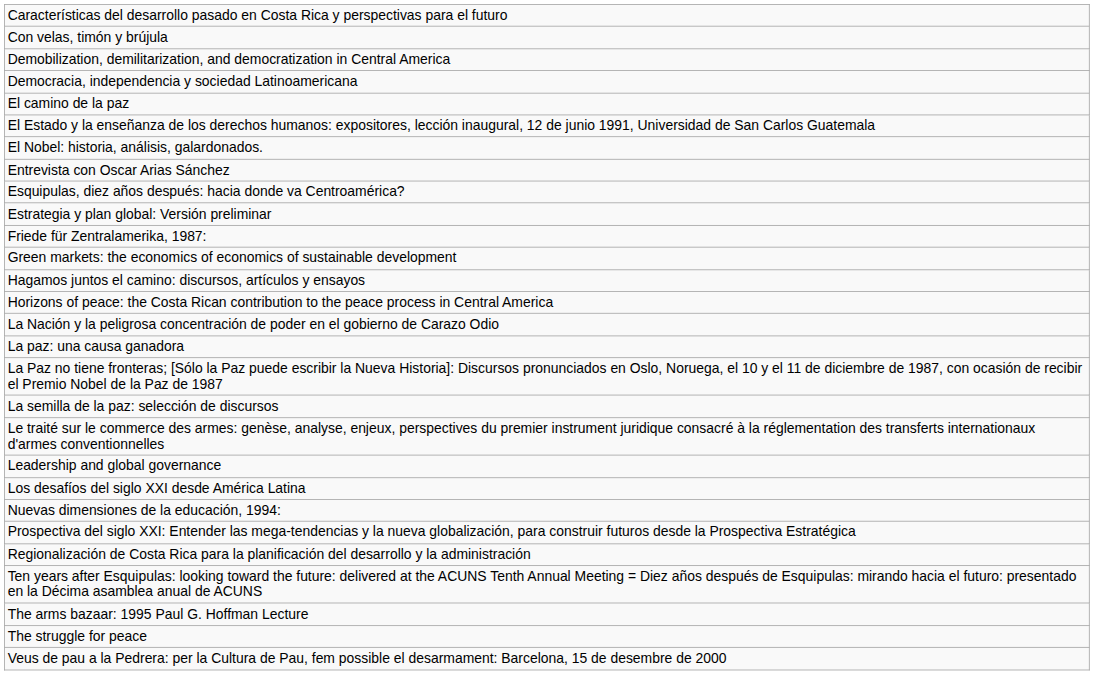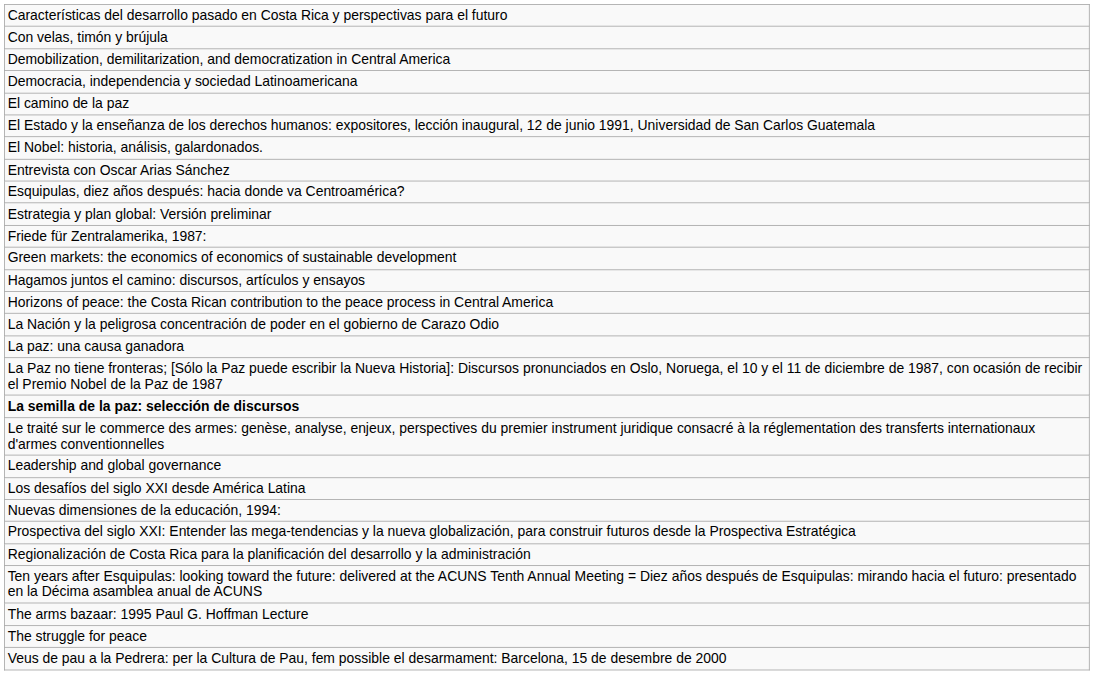 <table class="wikitable">
 <tr>
 <td>Características del desarrollo pasado en Costa Rica y perspectivas para el futuro</td>
 </tr>
 <tr>
 <td>Con velas, timón y brújula</td>
 </tr>
 <tr>
 <td>Demobilization, demilitarization, and democratization in Central America</td>
 </tr>
 <tr>
 <td>Democracia, independencia y sociedad Latinoamericana</td>
 </tr>
 <tr>
 <td>El camino de la paz</td>
 </tr>
 <tr>
 <td>El Estado y la enseñanza de los derechos humanos: expositores, lección inaugural, 12 de junio 1991, Universidad de San Carlos Guatemala</td>
 </tr>
 <tr>
 <td>El Nobel: historia, análisis, galardonados.</td>
 </tr>
 <tr>
 <td>Entrevista con Oscar Arias Sánchez</td>
 </tr>
 <tr>
 <td>Esquipulas, diez años después: hacia donde va Centroamérica?</td>
 </tr>
 <tr>
 <td>Estrategia y plan global: Versión preliminar</td>
 </tr>
 <tr>
 <td>Friede für Zentralamerika, 1987:</td>
 </tr>
 <tr>
 <td>Green markets: the economics of economics of sustainable development</td>
 </tr>
 <tr>
 <td>Hagamos juntos el camino: discursos, artículos y ensayos</td>
 </tr>
 <tr>
 <td>Horizons of peace: the Costa Rican contribution to the peace process in Central America</td>
 </tr>
 <tr>
 <td>La Nación y la peligrosa concentración de poder en el gobierno de Carazo Odio</td>
 </tr>
 <tr>
 <td>La paz: una causa ganadora</td>
 </tr>
 <tr>
 <td>La Paz no tiene fronteras; [Sólo la Paz puede escribir la Nueva Historia]: Discursos pronunciados en Oslo, Noruega, el 10 y el 11 de diciembre de 1987, con ocasión de recibir el Premio Nobel de la Paz de 1987</td>
 </tr>
 <tr>
-<td>La semilla de la paz: selección de discursos</td>
+<td><strong>La semilla de la paz: selección de discursos</strong></td>
 </tr>
 <tr>
 <td>Le traité sur le commerce des armes: genèse, analyse, enjeux, perspectives du premier instrument juridique consacré à la réglementation des transferts internationaux d'armes conventionnelles</td>
 </tr>
 <tr>
 <td>Leadership and global governance</td>
 </tr>
 <tr>
 <td>Los desafíos del siglo XXI desde América Latina</td>
 </tr>
 <tr>
 <td>Nuevas dimensiones de la educación, 1994:</td>
 </tr>
 <tr>
 <td>Prospectiva del siglo XXI: Entender las mega-tendencias y la nueva globalización, para construir futuros desde la Prospectiva Estratégica</td>
 </tr>
 <tr>
 <td>Regionalización de Costa Rica para la planificación del desarrollo y la administración</td>
 </tr>
 <tr>
 <td>Ten years after Esquipulas: looking toward the future: delivered at the ACUNS Tenth Annual Meeting = Diez años después de Esquipulas: mirando hacia el futuro: presentado en la Décima asamblea anual de ACUNS</td>
 </tr>
 <tr>
 <td>The arms bazaar: 1995 Paul G. Hoffman Lecture</td>
 </tr>
 <tr>
 <td>The struggle for peace</td>
 </tr>
 <tr>
 <td>Veus de pau a la Pedrera: per la Cultura de Pau, fem possible el desarmament: Barcelona, 15 de desembre de 2000</td>
 </tr>
 </table>
